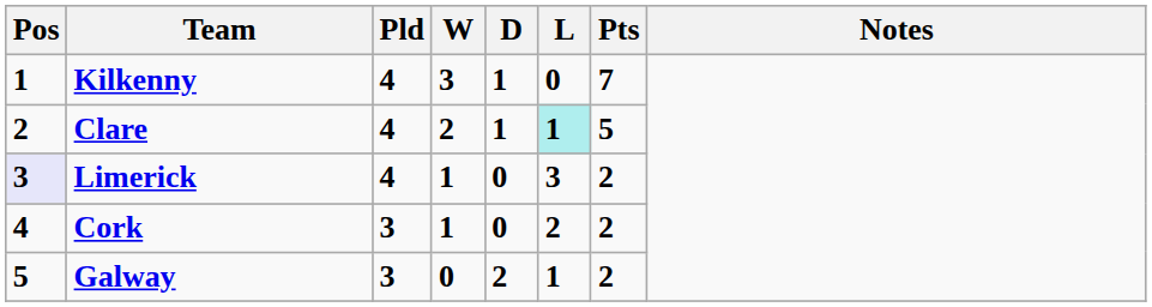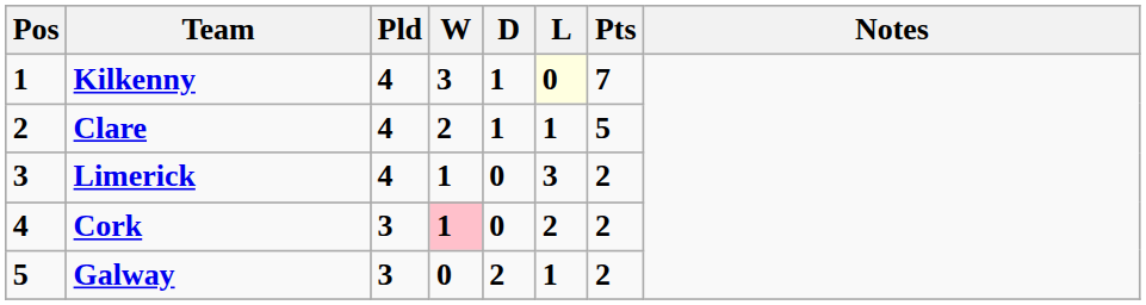 <table class="wikitable" style="text-align: centre;">
 <tr>
 <th width=20>Pos</th>
 <th width=150>Team</th>
 <th width=20>Pld</th>
 <th width=20>W</th>
 <th width=20>D</th>
 <th width=20>L</th>
 <th width=20>Pts</th>
 <th width=250>Notes</th>
 </tr>
 <tr style>
 <td><strong>1</strong></td>
 <td align=left><strong> <a href='#'>Kilkenny</a> </strong></td>
 <td><strong>4</strong></td>
 <td><strong>3</strong></td>
 <td><strong>1</strong></td>
-<td><strong>0</strong></td>
+<td style="background: lightyellow;"><strong>0</strong></td>
 <td><strong>7</strong></td>
 </tr>
 <tr style>
 <td><strong>2</strong></td>
 <td align=left><strong> <a href='#'>Clare</a> </strong></td>
 <td><strong>4</strong></td>
 <td><strong>2</strong></td>
 <td><strong>1</strong></td>
-<td style="background: paleturquoise;"><strong>1</strong></td>
+<td><strong>1</strong></td>
 <td><strong>5</strong></td>
 </tr>
 <tr>
-<td style="background: lavender;"><strong>3</strong></td>
+<td><strong>3</strong></td>
 <td align=left><strong> <a href='#'>Limerick</a> </strong></td>
 <td><strong>4</strong></td>
 <td><strong>1</strong></td>
 <td><strong>0</strong></td>
 <td><strong>3</strong></td>
 <td><strong>2</strong></td>
 </tr>
 <tr>
 <td><strong>4</strong></td>
 <td align=left><strong> <a href='#'>Cork</a> </strong></td>
 <td><strong>3</strong></td>
-<td><strong>1</strong></td>
+<td style="background: pink;"><strong>1</strong></td>
 <td><strong>0</strong></td>
 <td><strong>2</strong></td>
 <td><strong>2</strong></td>
 </tr>
 <tr>
 <td><strong>5</strong></td>
 <td align=left><strong> <a href='#'>Galway</a> </strong></td>
 <td><strong>3</strong></td>
 <td><strong>0</strong></td>
 <td><strong>2</strong></td>
 <td><strong>1</strong></td>
 <td><strong>2</strong></td>
 </tr>
 </table>
